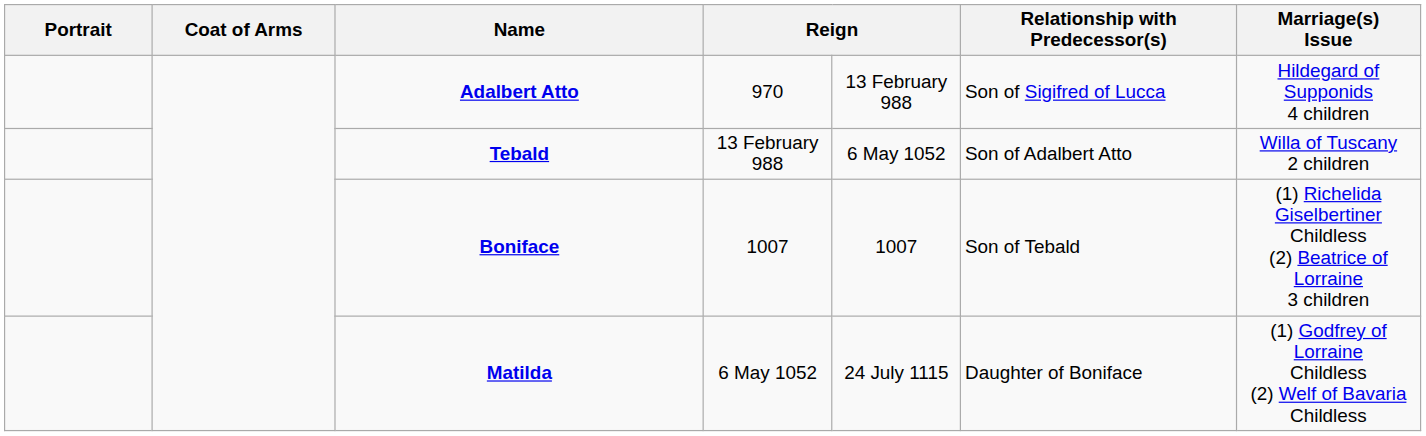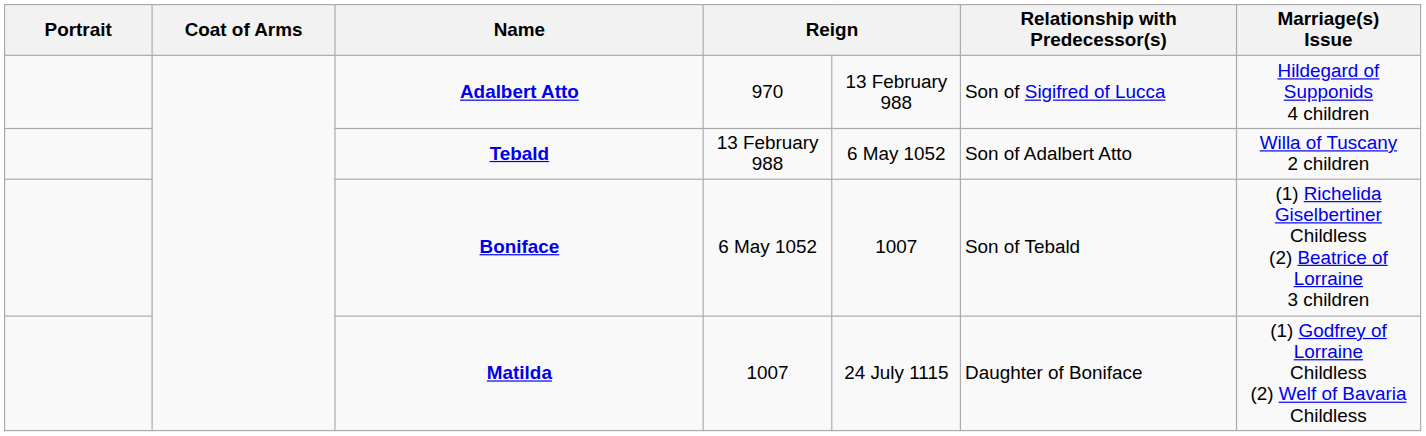 <table width=95% class="wikitable">
 <tr>
 <th width=8%>Portrait</th>
 <th width=10%>Coat of Arms</th>
 <th width=20%>Name</th>
 <th colspan=2 width=14%>Reign</th>
 <th width=15%>Relationship with Predecessor(s)</th>
 <th width=10%>Marriage(s)<br>Issue</th>
 </tr>
 <tr>
 <td align="center"></td>
 <td rowspan=4 align="center"></td>
 <td align="center"><strong><a href='#'>Adalbert Atto</a></strong></td>
 <td align="center">970</td>
 <td align="center">13 February 988</td>
 <td>Son of <a href='#'>Sigifred of Lucca</a></td>
 <td align="center"><a href='#'>Hildegard of Supponids</a><br>4 children</td>
 </tr>
 <tr>
 <td align="center"></td>
 <td align="center"><strong><a href='#'>Tebald</a></strong></td>
 <td align="center">13 February 988</td>
 <td align="center">6 May 1052</td>
 <td>Son of Adalbert Atto</td>
 <td align="center"><a href='#'>Willa of Tuscany</a><br>2 children</td>
 </tr>
 <tr>
 <td align="center"></td>
 <td align="center"><strong><a href='#'>Boniface</a></strong></td>
-<td align="center">1007</td>
+<td align="center">6 May 1052</td>
 <td align="center">1007</td>
 <td>Son of Tebald</td>
 <td align="center">(1) <a href='#'>Richelida Giselbertiner</a><br>Childless<br>(2) <a href='#'>Beatrice of Lorraine</a><br>3 children</td>
 </tr>
 <tr>
 <td align="center"></td>
 <td align="center"><strong><a href='#'>Matilda</a></strong></td>
-<td align="center">6 May 1052</td>
+<td align="center">1007</td>
 <td align="center">24 July 1115</td>
 <td>Daughter of Boniface</td>
 <td align="center">(1) <a href='#'>Godfrey of Lorraine</a><br>Childless<br>(2) <a href='#'>Welf of Bavaria</a><br>Childless</td>
 </tr>
 </table>
